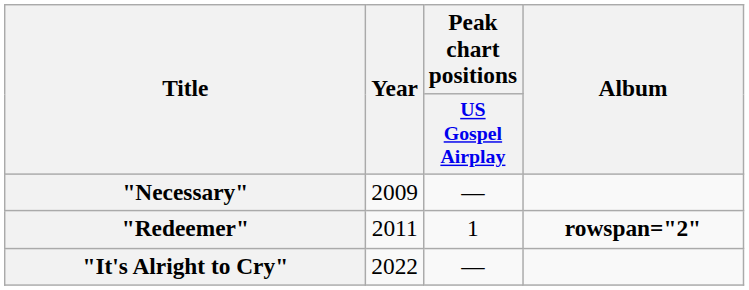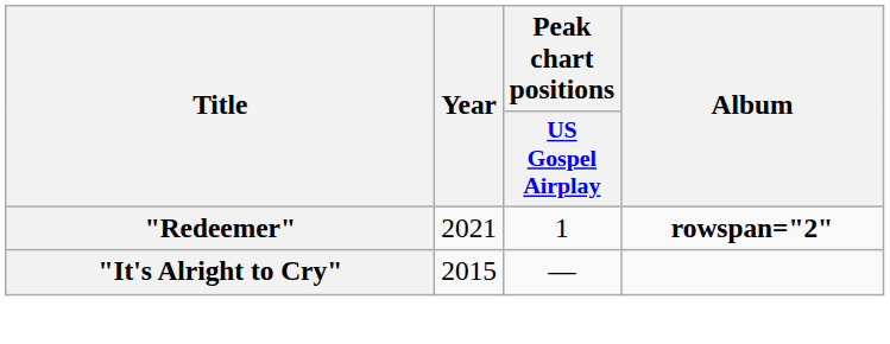 <table class="wikitable plainrowheaders" style="text-align:center;" border="1">
 <tr>
 <th scope="col" rowspan="2" style="width:15em;">Title</th>
 <th scope="col" rowspan="2">Year</th>
 <th scope="col" colspan="1">Peak chart positions</th>
 <th scope="col" rowspan="2" style="width:9em;">Album</th>
 </tr>
 <tr>
 <th scope="col" style="width:3em;font-size:85%;"><a href='#'>US<br>Gospel<br>Airplay</a><br></th>
 </tr>
 <tr>
-<th scope="row">"Necessary"</th>
-<td rowspan="1">2009</td>
-<td>—</td>
-<td></td>
-</tr>
-<tr>
 <th scope="row">"Redeemer"</th>
-<td rowspan="1">2011</td>
+<td rowspan="1">2021</td>
 <td>1</td>
 <td><strong>rowspan="2" </strong></td>
 </tr>
 <tr>
 <th scope="row">"It's Alright to Cry"</th>
-<td rowspan="1">2022</td>
+<td rowspan="1">2015</td>
 <td>—</td>
 </tr>
 </table>
